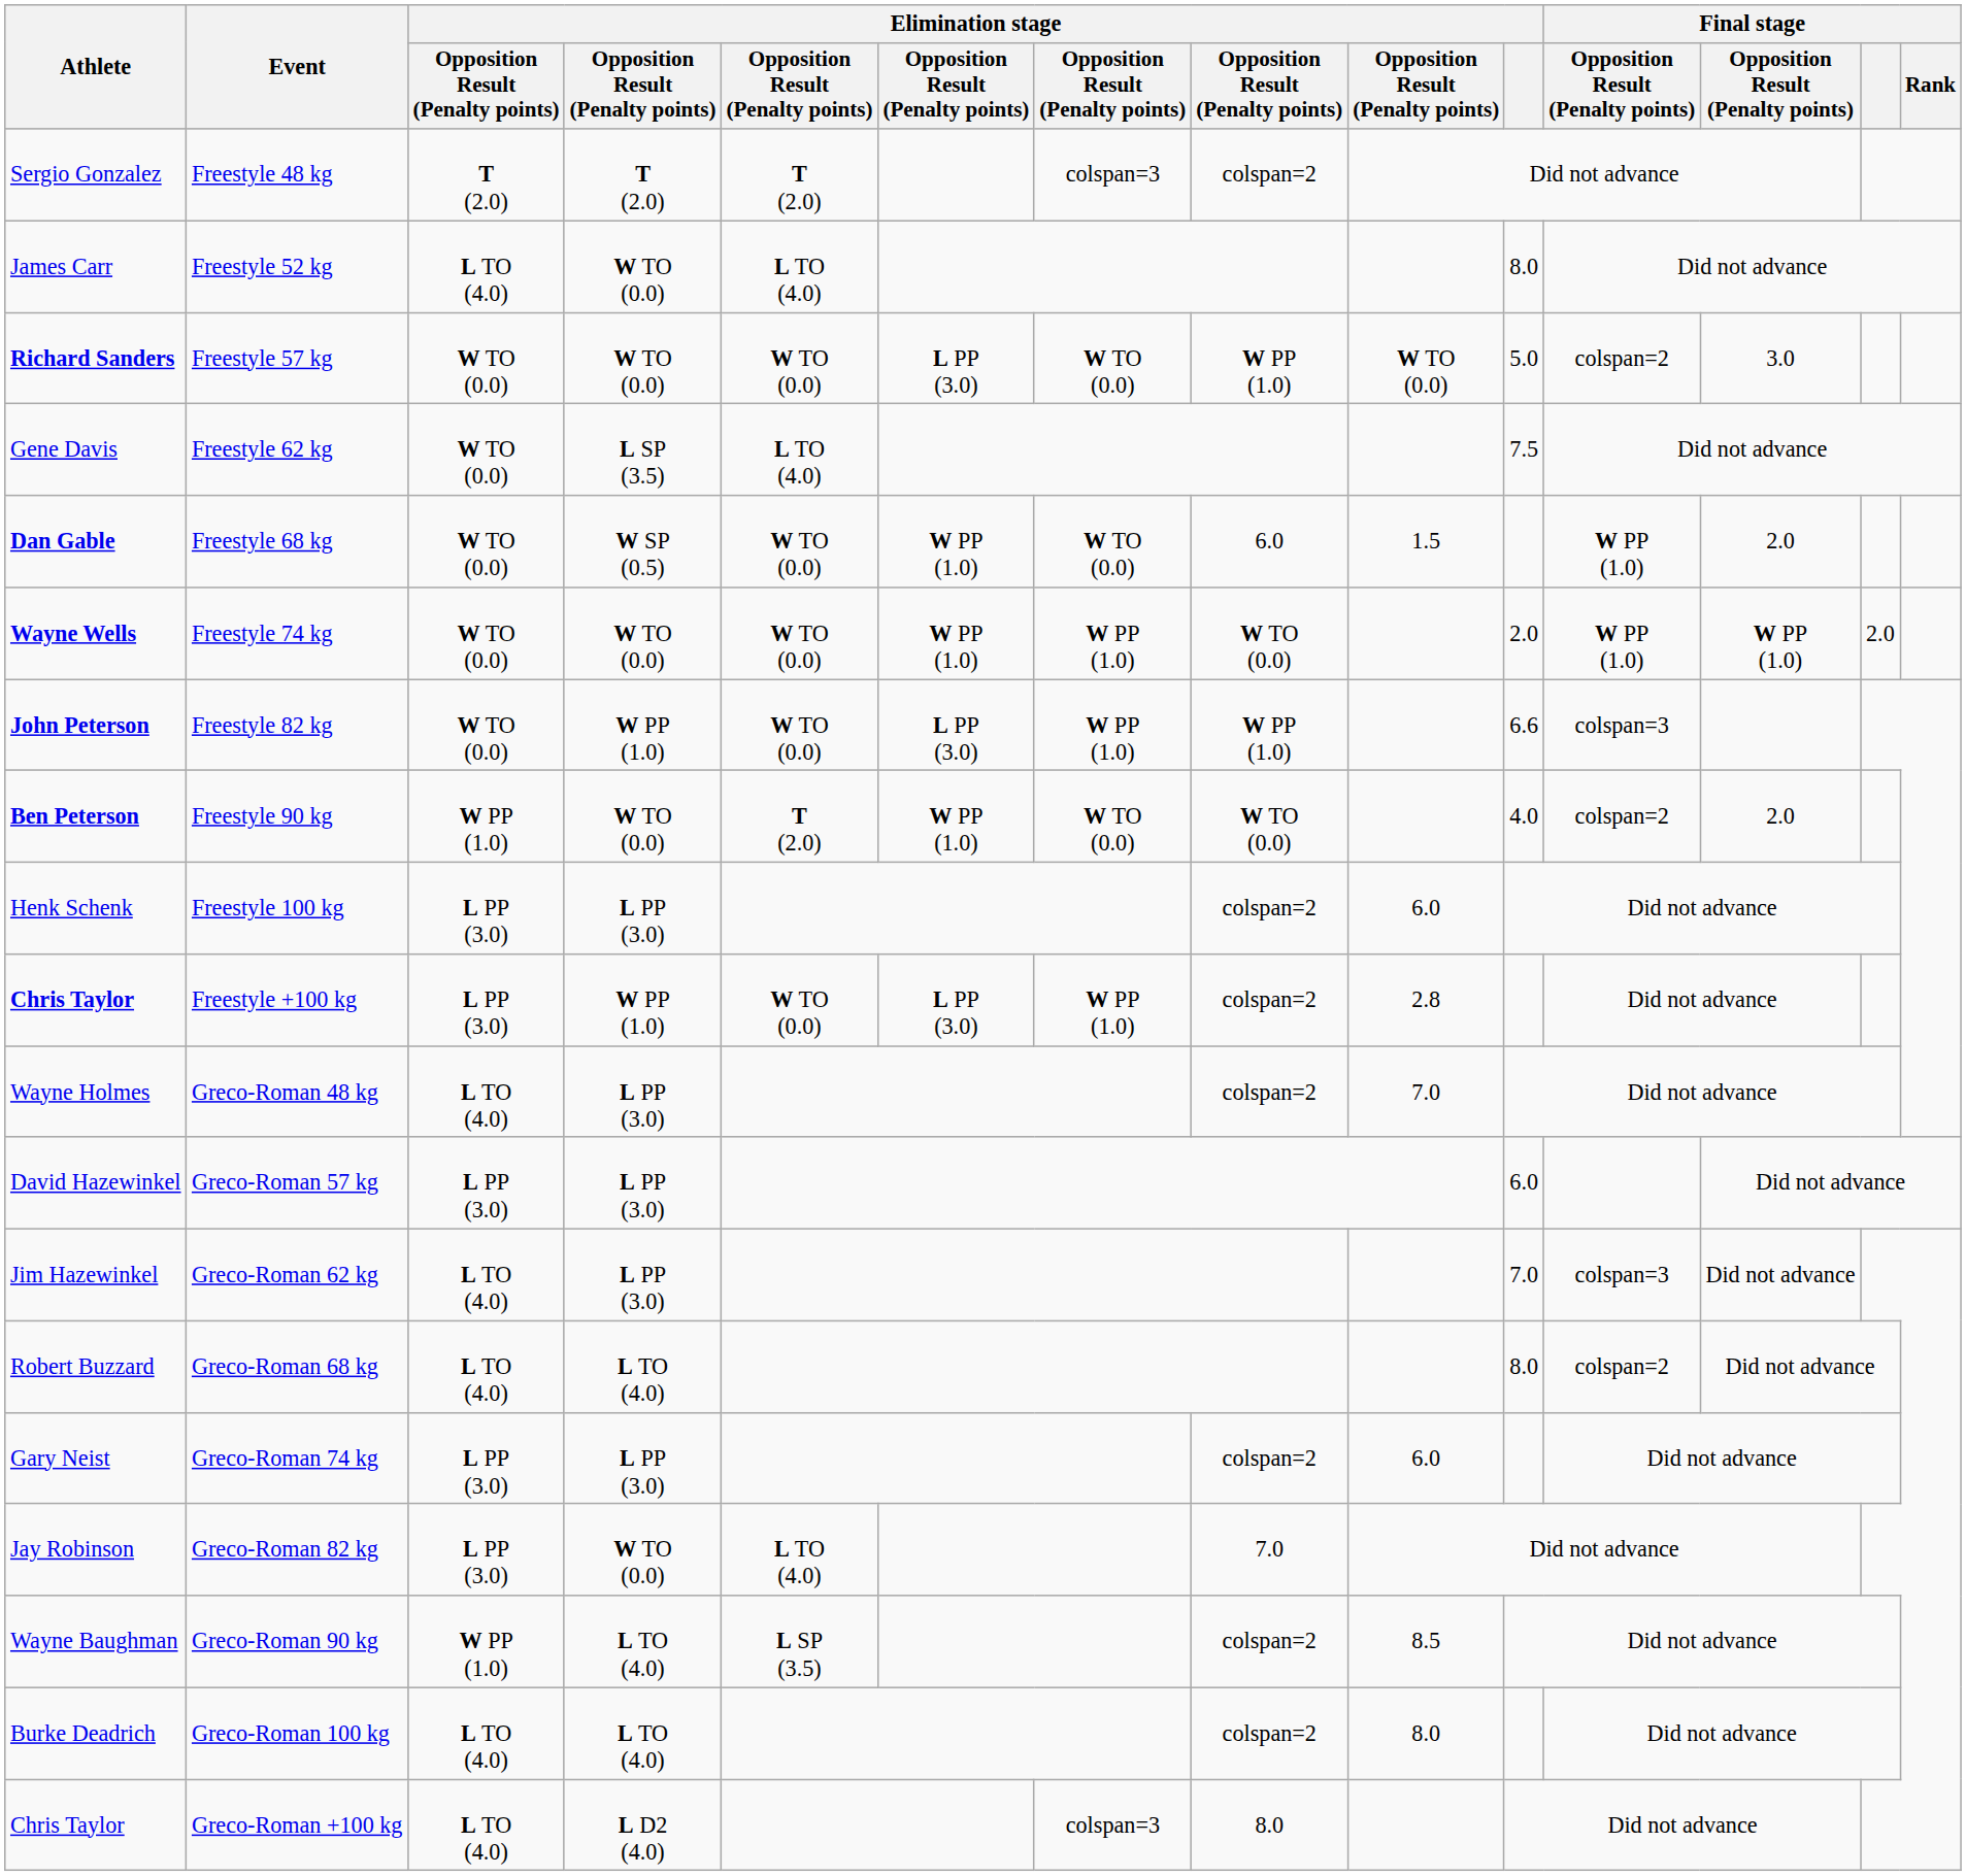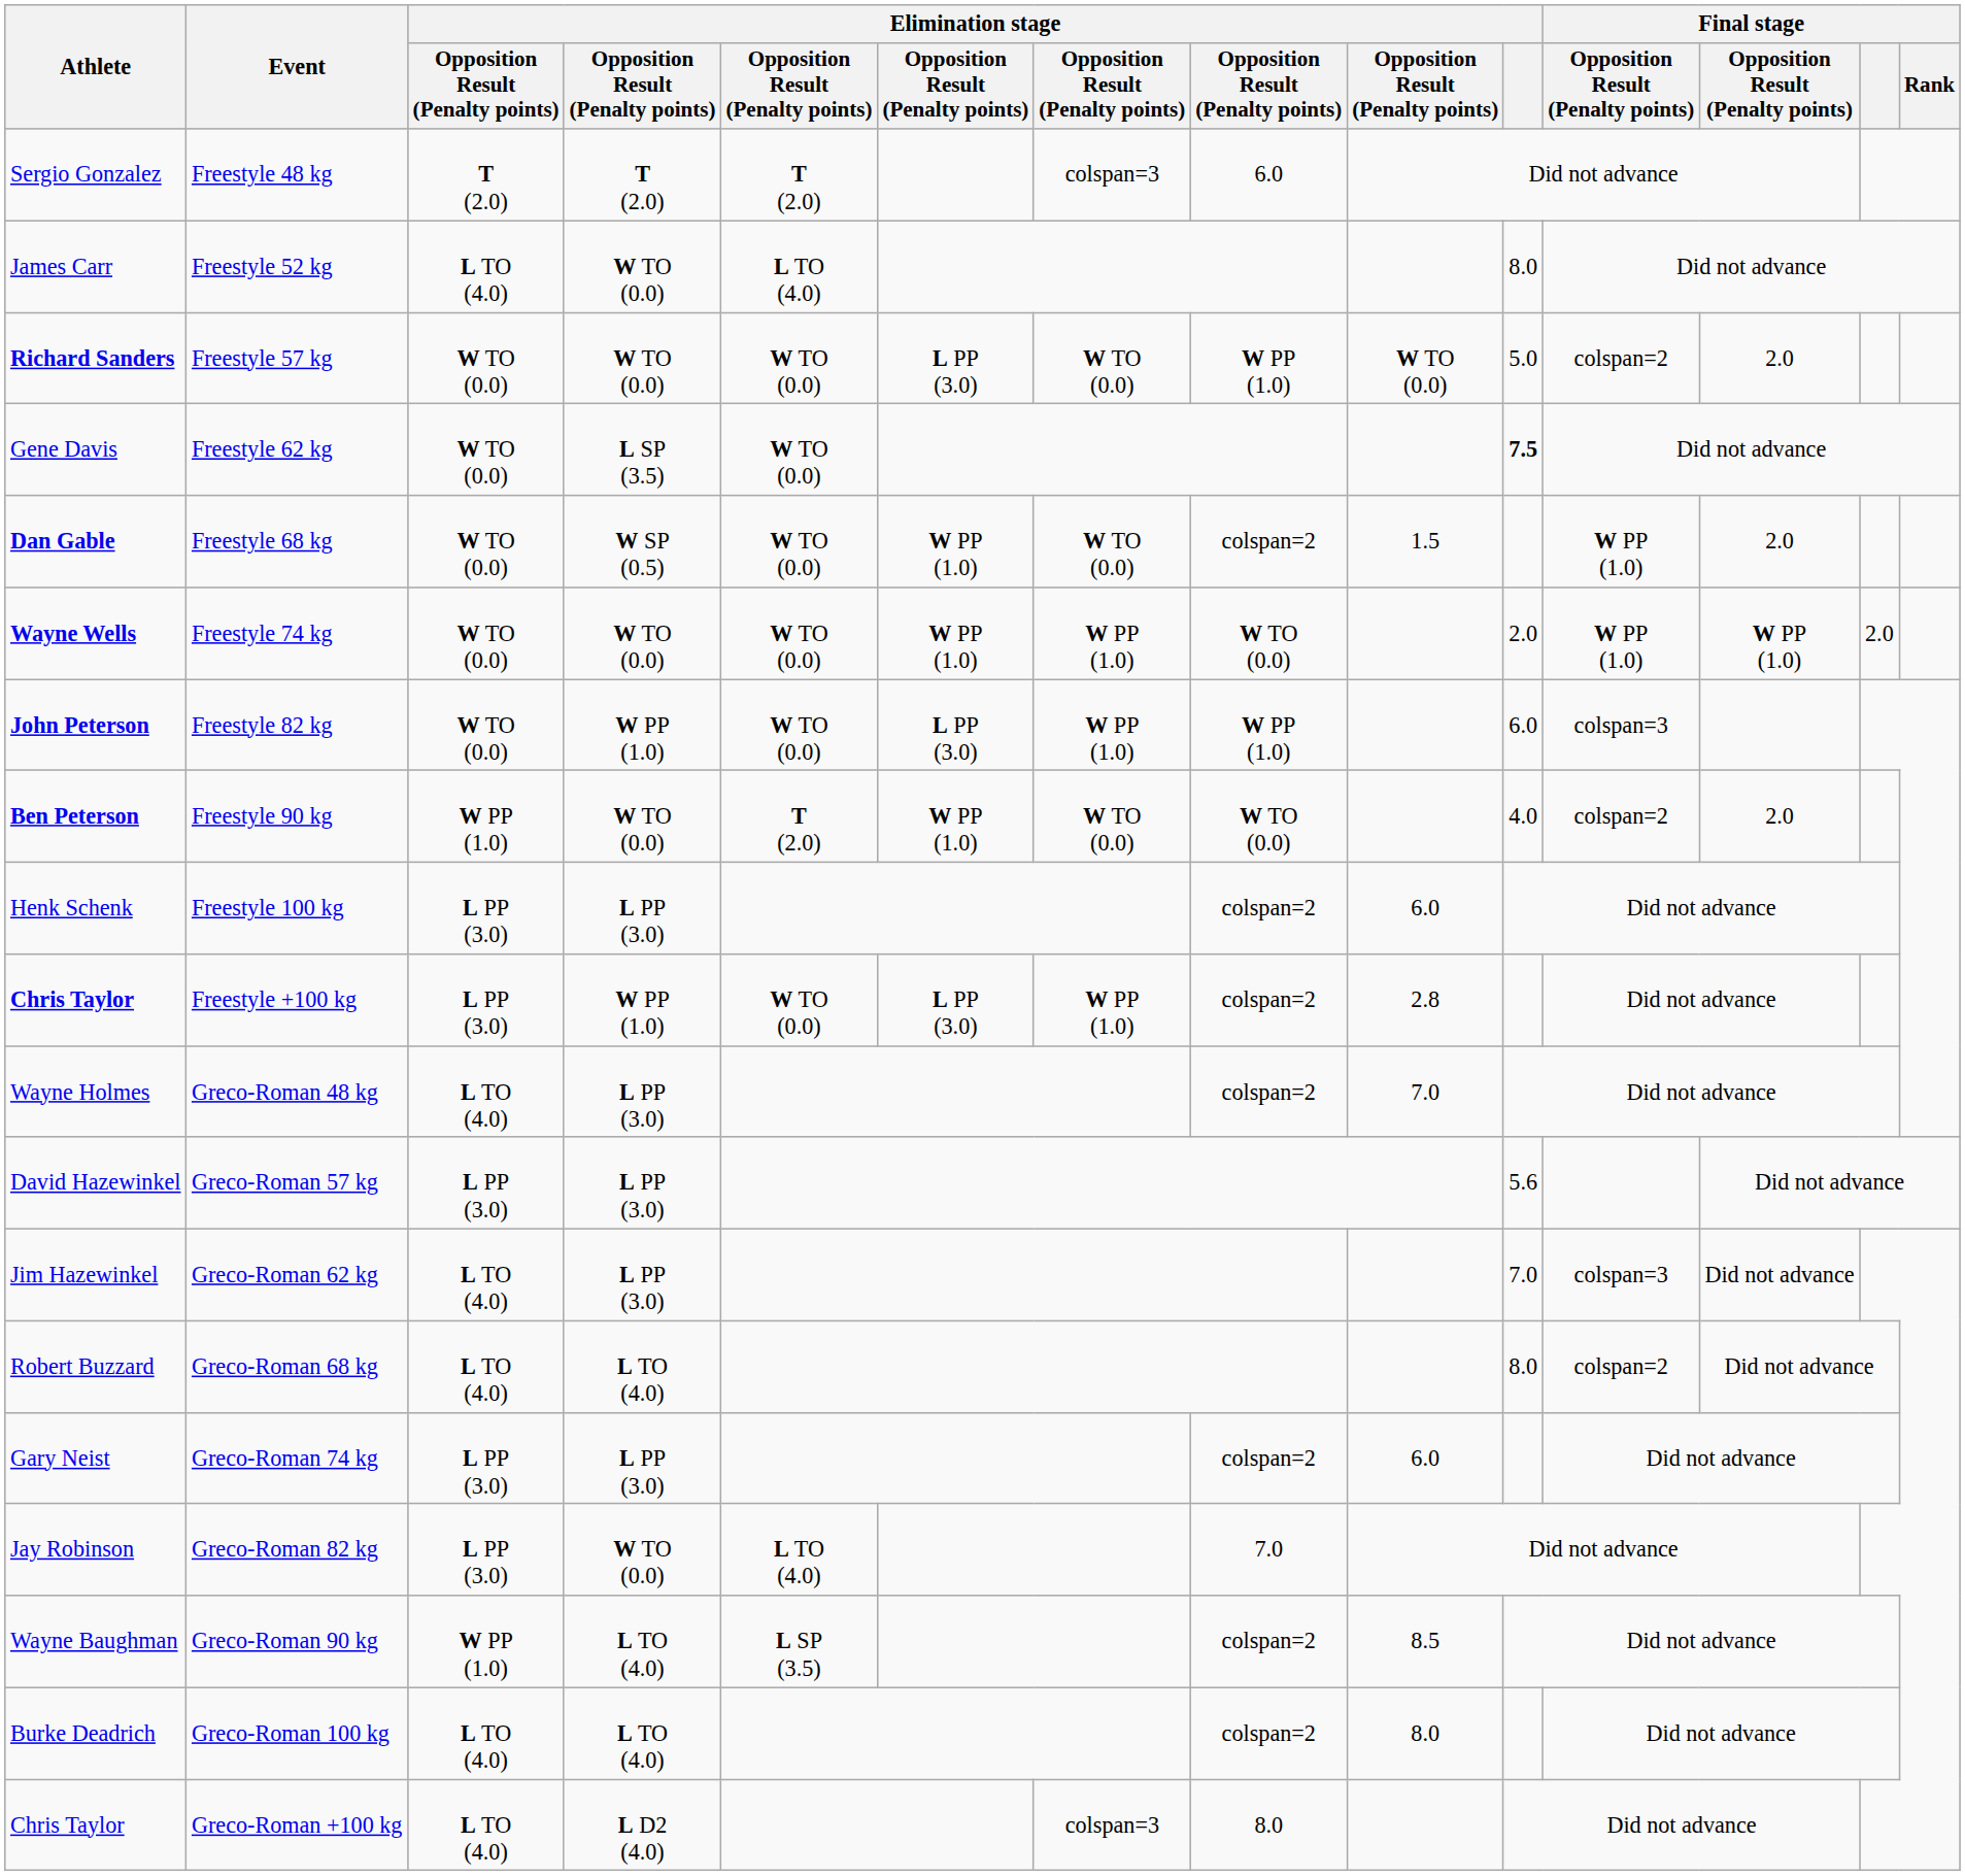 <table class=wikitable style=font-size:90%;text-align:center>
 <tr>
 <th rowspan=2>Athlete</th>
 <th rowspan=2>Event</th>
 <th colspan=8>Elimination stage</th>
 <th colspan=4>Final stage</th>
 </tr>
 <tr style=font-size:95%>
 <th>Opposition<br>Result<br>(Penalty points)</th>
 <th>Opposition<br>Result<br>(Penalty points)</th>
 <th>Opposition<br>Result<br>(Penalty points)</th>
 <th>Opposition<br>Result<br>(Penalty points)</th>
 <th>Opposition<br>Result<br>(Penalty points)</th>
 <th>Opposition<br>Result<br>(Penalty points)</th>
 <th>Opposition<br>Result<br>(Penalty points)</th>
 <th></th>
 <th>Opposition<br>Result<br>(Penalty points)</th>
 <th>Opposition<br>Result<br>(Penalty points)</th>
 <th></th>
 <th>Rank</th>
 </tr>
 <tr>
 <td align=left><a href='#'>Sergio Gonzalez</a></td>
 <td align=left><a href='#'>Freestyle 48 kg</a></td>
 <td><br><strong>T</strong><br>(2.0)</td>
 <td><br><strong>T</strong><br>(2.0)</td>
 <td><br><strong>T</strong><br>(2.0)</td>
 <td></td>
 <td>colspan=3 </td>
-<td>colspan=2 </td>
+<td>6.0</td>
 <td colspan=4>Did not advance</td>
 </tr>
 <tr>
 <td align=left><a href='#'>James Carr</a></td>
 <td align=left><a href='#'>Freestyle 52 kg</a></td>
 <td><br><strong>L</strong> TO<br>(4.0)</td>
 <td><br><strong>W</strong> TO<br>(0.0)</td>
 <td><br><strong>L</strong> TO<br>(4.0)</td>
 <td colspan=3></td>
 <td></td>
 <td>8.0</td>
 <td colspan=4>Did not advance</td>
 </tr>
 <tr>
 <td align=left><strong><a href='#'>Richard Sanders</a></strong></td>
 <td align=left><a href='#'>Freestyle 57 kg</a></td>
 <td><br><strong>W</strong> TO<br>(0.0)</td>
 <td><br><strong>W</strong> TO<br>(0.0)</td>
 <td><br><strong>W</strong> TO<br>(0.0)</td>
 <td><br><strong>L</strong> PP<br>(3.0)</td>
 <td><br><strong>W</strong> TO<br>(0.0)</td>
 <td><br><strong>W</strong> PP<br>(1.0)</td>
 <td><br><strong>W</strong> TO<br>(0.0)</td>
 <td>5.0</td>
 <td>colspan=2 </td>
-<td>3.0</td>
+<td>2.0</td>
 <td></td>
 </tr>
 <tr>
 <td align=left><a href='#'>Gene Davis</a></td>
 <td align=left><a href='#'>Freestyle 62 kg</a></td>
 <td><br><strong>W</strong> TO<br>(0.0)</td>
 <td><br><strong>L</strong> SP<br>(3.5)</td>
-<td><br><strong>L</strong> TO<br>(4.0)</td>
+<td><br><strong>W</strong> TO<br>(0.0)</td>
 <td colspan=3></td>
 <td></td>
-<td>7.5</td>
+<td><strong>7.5</strong></td>
 <td colspan=4>Did not advance</td>
 </tr>
 <tr>
 <td align=left><strong><a href='#'>Dan Gable</a></strong></td>
 <td align=left><a href='#'>Freestyle 68 kg</a></td>
 <td><br><strong>W</strong> TO<br>(0.0)</td>
 <td><br><strong>W</strong> SP<br>(0.5)</td>
 <td><br><strong>W</strong> TO<br>(0.0)</td>
 <td><br><strong>W</strong> PP<br>(1.0)</td>
 <td><br><strong>W</strong> TO<br>(0.0)</td>
-<td>6.0</td>
+<td>colspan=2 </td>
 <td>1.5</td>
 <td></td>
 <td><br><strong>W</strong> PP<br>(1.0)</td>
 <td>2.0</td>
 <td></td>
 </tr>
 <tr>
 <td align=left><strong><a href='#'>Wayne Wells</a></strong></td>
 <td align=left><a href='#'>Freestyle 74 kg</a></td>
 <td><br><strong>W</strong> TO<br>(0.0)</td>
 <td><br><strong>W</strong> TO<br>(0.0)</td>
 <td><br><strong>W</strong> TO<br>(0.0)</td>
 <td><br><strong>W</strong> PP<br>(1.0)</td>
 <td><br><strong>W</strong> PP<br>(1.0)</td>
 <td><br><strong>W</strong> TO<br>(0.0)</td>
 <td></td>
 <td>2.0</td>
 <td><br><strong>W</strong> PP<br>(1.0)</td>
 <td><br><strong>W</strong> PP<br>(1.0)</td>
 <td>2.0</td>
 <td></td>
 </tr>
 <tr>
 <td align=left><strong><a href='#'>John Peterson</a></strong></td>
 <td align=left><a href='#'>Freestyle 82 kg</a></td>
 <td><br><strong>W</strong> TO<br>(0.0)</td>
 <td><br><strong>W</strong> PP<br>(1.0)</td>
 <td><br><strong>W</strong> TO<br>(0.0)</td>
 <td><br><strong>L</strong> PP<br>(3.0)</td>
 <td><br><strong>W</strong> PP<br>(1.0)</td>
 <td><br><strong>W</strong> PP<br>(1.0)</td>
 <td></td>
-<td>6.6</td>
+<td>6.0</td>
 <td>colspan=3 </td>
 <td></td>
 </tr>
 <tr>
 <td align=left><strong><a href='#'>Ben Peterson</a></strong></td>
 <td align=left><a href='#'>Freestyle 90 kg</a></td>
 <td><br><strong>W</strong> PP<br>(1.0)</td>
 <td><br><strong>W</strong> TO<br>(0.0)</td>
 <td><br><strong>T</strong><br>(2.0)</td>
 <td><br><strong>W</strong> PP<br>(1.0)</td>
 <td><br><strong>W</strong> TO<br>(0.0)</td>
 <td><br><strong>W</strong> TO<br>(0.0)</td>
 <td></td>
 <td>4.0</td>
 <td>colspan=2 </td>
 <td>2.0</td>
 <td></td>
 </tr>
 <tr>
 <td align=left><a href='#'>Henk Schenk</a></td>
 <td align=left><a href='#'>Freestyle 100 kg</a></td>
 <td><br><strong>L</strong> PP<br>(3.0)</td>
 <td><br><strong>L</strong> PP<br>(3.0)</td>
 <td colspan=3></td>
 <td>colspan=2 </td>
 <td>6.0</td>
 <td colspan=4>Did not advance</td>
 </tr>
 <tr>
 <td align=left><strong><a href='#'>Chris Taylor</a></strong></td>
 <td align=left><a href='#'>Freestyle +100 kg</a></td>
 <td><br><strong>L</strong> PP<br>(3.0)</td>
 <td><br><strong>W</strong> PP<br>(1.0)</td>
 <td><br><strong>W</strong> TO<br>(0.0)</td>
 <td><br><strong>L</strong> PP<br>(3.0)</td>
 <td><br><strong>W</strong> PP<br>(1.0)</td>
 <td>colspan=2 </td>
 <td>2.8</td>
 <td></td>
 <td colspan=2>Did not advance</td>
 <td></td>
 </tr>
 <tr>
 <td align=left><a href='#'>Wayne Holmes</a></td>
 <td align=left><a href='#'>Greco-Roman 48 kg</a></td>
 <td><br><strong>L</strong> TO<br>(4.0)</td>
 <td><br><strong>L</strong> PP<br>(3.0)</td>
 <td colspan=3></td>
 <td>colspan=2 </td>
 <td>7.0</td>
 <td colspan=4>Did not advance</td>
 </tr>
 <tr>
 <td align=left><a href='#'>David Hazewinkel</a></td>
 <td align=left><a href='#'>Greco-Roman 57 kg</a></td>
 <td><br><strong>L</strong> PP<br>(3.0)</td>
 <td><br><strong>L</strong> PP<br>(3.0)</td>
 <td colspan=5></td>
-<td>6.0</td>
+<td>5.6</td>
 <td></td>
 <td colspan=3>Did not advance</td>
 </tr>
 <tr>
 <td align=left><a href='#'>Jim Hazewinkel</a></td>
 <td align=left><a href='#'>Greco-Roman 62 kg</a></td>
 <td><br><strong>L</strong> TO<br>(4.0)</td>
 <td><br><strong>L</strong> PP<br>(3.0)</td>
 <td colspan=4></td>
 <td></td>
 <td>7.0</td>
 <td>colspan=3 </td>
 <td>Did not advance</td>
 </tr>
 <tr>
 <td align=left><a href='#'>Robert Buzzard</a></td>
 <td align=left><a href='#'>Greco-Roman 68 kg</a></td>
 <td><br><strong>L</strong> TO<br>(4.0)</td>
 <td><br><strong>L</strong> TO<br>(4.0)</td>
 <td colspan=4></td>
 <td></td>
 <td>8.0</td>
 <td>colspan=2 </td>
 <td colspan=2>Did not advance</td>
 </tr>
 <tr>
 <td align=left><a href='#'>Gary Neist</a></td>
 <td align=left><a href='#'>Greco-Roman 74 kg</a></td>
 <td><br><strong>L</strong> PP<br>(3.0)</td>
 <td><br><strong>L</strong> PP<br>(3.0)</td>
 <td colspan=3></td>
 <td>colspan=2 </td>
 <td>6.0</td>
 <td></td>
 <td colspan=3>Did not advance</td>
 </tr>
 <tr>
 <td align=left><a href='#'>Jay Robinson</a></td>
 <td align=left><a href='#'>Greco-Roman 82 kg</a></td>
 <td><br><strong>L</strong> PP<br>(3.0)</td>
 <td><br><strong>W</strong> TO<br>(0.0)</td>
 <td><br><strong>L</strong> TO<br>(4.0)</td>
 <td colspan=2></td>
 <td>7.0</td>
 <td colspan=4>Did not advance</td>
 </tr>
 <tr>
 <td align=left><a href='#'>Wayne Baughman</a></td>
 <td align=left><a href='#'>Greco-Roman 90 kg</a></td>
 <td><br><strong>W</strong> PP<br>(1.0)</td>
 <td><br><strong>L</strong> TO<br>(4.0)</td>
 <td><br><strong>L</strong> SP<br>(3.5)</td>
 <td colspan=2></td>
 <td>colspan=2 </td>
 <td>8.5</td>
 <td colspan=4>Did not advance</td>
 </tr>
 <tr>
 <td align=left><a href='#'>Burke Deadrich</a></td>
 <td align=left><a href='#'>Greco-Roman 100 kg</a></td>
 <td><br><strong>L</strong> TO<br>(4.0)</td>
 <td><br><strong>L</strong> TO<br>(4.0)</td>
 <td colspan=3></td>
 <td>colspan=2 </td>
 <td>8.0</td>
 <td></td>
 <td colspan=3>Did not advance</td>
 </tr>
 <tr>
 <td align=left><a href='#'>Chris Taylor</a></td>
 <td align=left><a href='#'>Greco-Roman +100 kg</a></td>
 <td><br><strong>L</strong> TO<br>(4.0)</td>
 <td><br><strong>L</strong> D2<br>(4.0)</td>
 <td colspan=2></td>
 <td>colspan=3 </td>
 <td>8.0</td>
 <td></td>
 <td colspan=3>Did not advance</td>
 </tr>
 </table>
